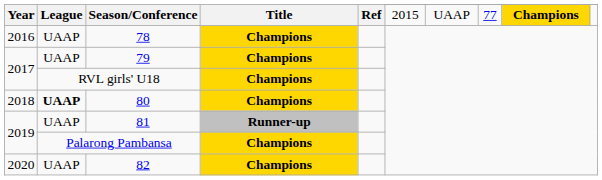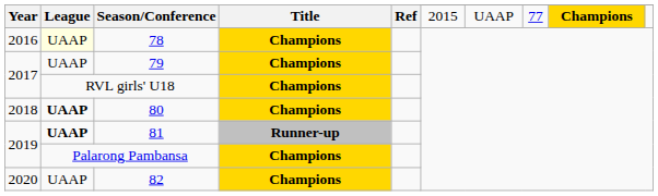 <table class="wikitable sortable" style="text-align:center" width="80%">
 <tr>
 <th style="width:5px;" rowspan="2">Year</th>
 <th style="width:25px;" rowspan="2">League</th>
 <th style="width:100px;" rowspan="2">Season/Conference</th>
 <th style="width:180px;" rowspan="2">Title</th>
 <th style="width:25px;" rowspan="2">Ref</th>
 </tr>
 <tr>
 <td>2015</td>
 <td>UAAP</td>
 <td><a href='#'>77</a></td>
 <td style="background:gold"><strong>Champions</strong></td>
 <td></td>
 </tr>
 <tr>
 <td>2016</td>
-<td>UAAP</td>
+<td style="background: lightyellow;">UAAP</td>
 <td><a href='#'>78</a></td>
 <td style="background:gold"><strong>Champions</strong></td>
 <td></td>
 </tr>
 <tr>
 <td rowspan=2>2017</td>
 <td>UAAP</td>
 <td><a href='#'>79</a></td>
 <td style="background:gold"><strong>Champions</strong></td>
 <td></td>
 </tr>
 <tr>
 <td colspan=2>RVL girls' U18</td>
 <td style="background:gold"><strong>Champions</strong></td>
 <td></td>
 </tr>
 <tr>
 <td>2018</td>
 <td><strong>UAAP</strong></td>
 <td><a href='#'>80</a></td>
 <td style="background:gold"><strong>Champions</strong></td>
 <td></td>
 </tr>
 <tr>
 <td rowspan=2>2019</td>
-<td>UAAP</td>
+<td><strong>UAAP</strong></td>
 <td><a href='#'>81</a></td>
 <td style="background:silver"><strong>Runner-up</strong></td>
 <td></td>
 </tr>
 <tr>
 <td colspan=2><a href='#'>Palarong Pambansa</a></td>
 <td style="background:gold"><strong>Champions</strong></td>
 <td></td>
 </tr>
 <tr>
 <td>2020</td>
 <td>UAAP</td>
 <td><a href='#'>82</a></td>
 <td style="background:gold"><strong>Champions</strong></td>
 <td></td>
 </tr>
 </table>
